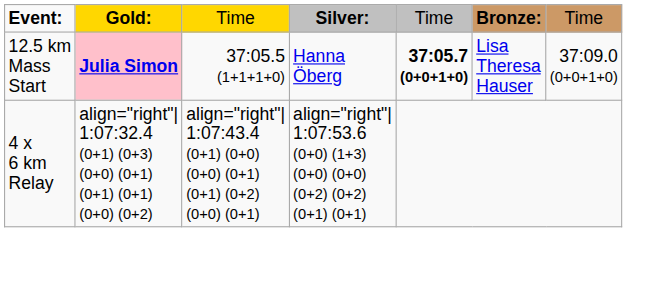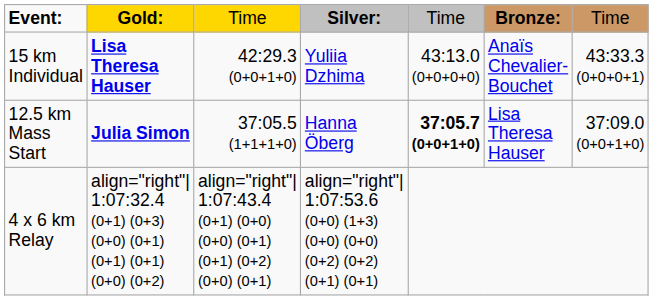 <table class="wikitable" width=85%>
 <tr>
 <td><strong>Event:</strong></td>
 <td style="text-align:center;background-color:gold;"><strong>Gold:</strong></td>
 <td style="text-align:center;background-color:gold;">Time</td>
 <td style="text-align:center;background-color:silver;"><strong>Silver:</strong></td>
 <td style="text-align:center;background-color:silver;">Time</td>
 <td style="text-align:center;background-color:#CC9966;"><strong>Bronze:</strong></td>
 <td style="text-align:center;background-color:#CC9966;">Time</td>
 </tr>
 <tr>
+<td>15 km Individual<br></td>
+<td><strong><a href='#'>Lisa Theresa Hauser</a></strong><br><small></small></td>
+<td align="right">42:29.3<br><small>(0+0+1+0)</small></td>
+<td><a href='#'>Yuliia Dzhima </a><br><small></small></td>
+<td align="right">43:13.0<br><small>(0+0+0+0)</small></td>
+<td><a href='#'>Anaïs Chevalier-Bouchet</a><br><small></small></td>
+<td align="right">43:33.3<br><small>(0+0+0+1)</small></td>
+</tr>
+<tr>
 <td>12.5 km Mass Start<br></td>
-<td style="background: pink;"><strong><a href='#'>Julia Simon</a></strong><br><small></small></td>
+<td><strong><a href='#'>Julia Simon</a></strong><br><small></small></td>
 <td align="right">37:05.5<br><small>(1+1+1+0)</small></td>
 <td><a href='#'>Hanna Öberg</a><br><small></small></td>
 <td align="right"><strong>37:05.7<br><small>(0+0+1+0)</small></strong></td>
 <td><a href='#'>Lisa Theresa Hauser</a><br><small></small></td>
 <td align="right">37:09.0<br><small>(0+0+1+0)</small></td>
 </tr>
 <tr>
 <td>4 x 6 km Relay<br></td>
 <td>align="right"| 1:07:32.4<small><br>(0+1) (0+3)<br>(0+0) (0+1)<br>(0+1) (0+1)<br>(0+0) (0+2)</small></td>
 <td>align="right"| 1:07:43.4<small><br>(0+1) (0+0)<br>(0+0) (0+1)<br>(0+1) (0+2)<br>(0+0) (0+1)</small></td>
 <td>align="right"| 1:07:53.6<small><br>(0+0) (1+3)<br>(0+0) (0+0)<br>(0+2) (0+2)<br>(0+1) (0+1)</small></td>
 </tr>
 </table>
